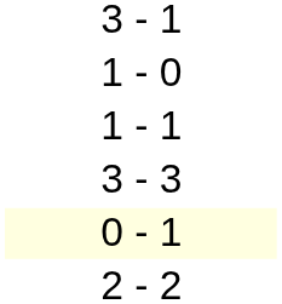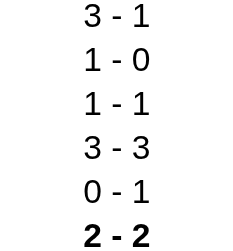 <table cellspacing=1 width=85%>
 <tr>
 <th width=15%></th>
 <th width=25%></th>
 <th width=10%></th>
 <th width=25%></th>
 <th width=25%></th>
 </tr>
 <tr>
 <td></td>
 <td align=right></td>
 <td align=center>3 - 1</td>
 <td></td>
 </tr>
 <tr>
 <td></td>
 <td align=right></td>
 <td align=center>1 - 0</td>
 <td></td>
 </tr>
 <tr>
 <td></td>
 <td align=right></td>
 <td align=center>1 - 1</td>
 <td></td>
 </tr>
 <tr>
 <td></td>
 <td align=right></td>
 <td align=center>3 - 3</td>
 <td></td>
 </tr>
 <tr>
 <td></td>
 <td align=right></td>
-<td align=center style="background: lightyellow;">0 - 1</td>
+<td align=center>0 - 1</td>
 <td></td>
 </tr>
 <tr>
 <td></td>
 <td align=right></td>
-<td align=center>2 - 2</td>
+<td align=center><strong>2 - 2</strong></td>
 <td></td>
 </tr>
 </table>
